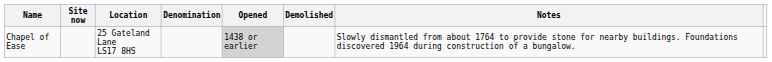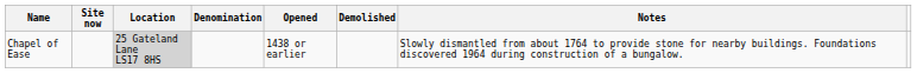 <table class="wikitable sortable">
 <tr>
 <th>Name</th>
 <th class="unsortable">Site now</th>
 <th>Location</th>
 <th>Denomination</th>
 <th>Opened</th>
 <th>Demolished</th>
 <th class="unsortable">Notes</th>
 </tr>
 <tr>
 <td>Chapel of Ease</td>
 <td></td>
-<td>25 Gateland Lane<br>LS17 8HS</td>
+<td style="background: lightgrey;">25 Gateland Lane<br>LS17 8HS</td>
 <td></td>
-<td style="background: lightgrey;">1438 or earlier </td>
+<td>1438 or earlier </td>
 <td></td>
 <td>Slowly dismantled from about 1764 to provide stone for nearby buildings. Foundations discovered 1964 during construction of a bungalow.</td>
 <td></td>
 </tr>
 </table>
